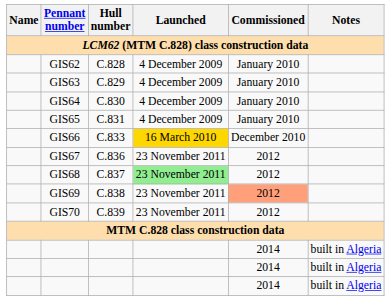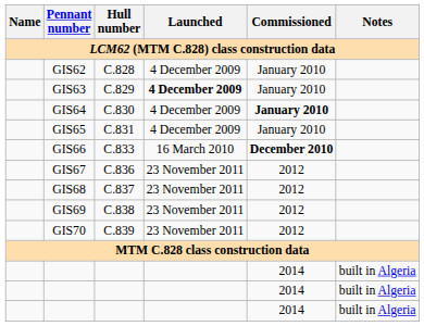 <table border="1" class="sortable wikitable" style="margin:1em auto;">
 <tr>
 <th>Name</th>
 <th><a href='#'>Pennant<br>number</a></th>
 <th>Hull<br>number</th>
 <th>Launched</th>
 <th>Commissioned</th>
 <th>Notes</th>
 </tr>
 <tr>
 <th colspan="11" style="background:#ffdead;"><em>LCM62</em> (MTM C.828) class construction data</th>
 </tr>
 <tr>
 <td></td>
 <td align="center">GIS62</td>
 <td align="center">C.828</td>
 <td align="center">4 December 2009</td>
 <td align="center">January 2010</td>
 <td align="center"></td>
 </tr>
 <tr>
 <td></td>
 <td align="center">GIS63</td>
 <td align="center">C.829</td>
-<td align="center">4 December 2009</td>
+<td align="center"><strong>4 December 2009</strong></td>
 <td align="center">January 2010</td>
 <td align="center"></td>
 </tr>
 <tr>
 <td></td>
 <td align="center">GIS64</td>
 <td align="center">C.830</td>
 <td align="center">4 December 2009</td>
-<td align="center">January 2010</td>
+<td align="center"><strong>January 2010</strong></td>
 <td align="center"></td>
 </tr>
 <tr>
 <td></td>
 <td align="center">GIS65</td>
 <td align="center">C.831</td>
 <td align="center">4 December 2009</td>
 <td align="center">January 2010</td>
 <td align="center"></td>
 </tr>
 <tr>
 <td></td>
 <td align="center">GIS66</td>
 <td align="center">C.833</td>
-<td align="center" style="background: gold;">16 March 2010</td>
-<td align="center">December 2010</td>
+<td align="center">16 March 2010</td>
+<td align="center"><strong>December 2010</strong></td>
 <td align="center"></td>
 </tr>
 <tr>
 <td></td>
 <td align="center">GIS67</td>
 <td align="center">C.836</td>
 <td align="center">23 November 2011</td>
 <td align="center">2012</td>
 <td align="center"></td>
 </tr>
 <tr>
 <td></td>
 <td align="center">GIS68</td>
 <td align="center">C.837</td>
-<td align="center" style="background: lightgreen;">23 November 2011</td>
+<td align="center">23 November 2011</td>
 <td align="center">2012</td>
 <td align="center"></td>
 </tr>
 <tr>
 <td></td>
 <td align="center">GIS69</td>
 <td align="center">C.838</td>
 <td align="center">23 November 2011</td>
-<td align="center" style="background: lightsalmon;">2012</td>
+<td align="center">2012</td>
 <td align="center"></td>
 </tr>
 <tr>
 <td></td>
 <td align="center">GIS70</td>
 <td align="center">C.839</td>
 <td align="center">23 November 2011</td>
 <td align="center">2012</td>
 <td align="center"></td>
 </tr>
 <tr>
 <th colspan="11" style="background:#ffdead;">MTM C.828 class construction data</th>
 </tr>
 <tr>
 <td></td>
 <td align="center"></td>
 <td align="center"></td>
 <td align="center"></td>
 <td align="center">2014</td>
 <td align="center">built in <a href='#'>Algeria</a></td>
 </tr>
 <tr>
 <td></td>
 <td align="center"></td>
 <td align="center"></td>
 <td align="center"></td>
 <td align="center">2014</td>
 <td align="center">built in <a href='#'>Algeria</a></td>
 </tr>
 <tr>
 <td></td>
 <td align="center"></td>
 <td align="center"></td>
 <td align="center"></td>
 <td align="center">2014</td>
 <td align="center">built in <a href='#'>Algeria</a></td>
 </tr>
 </table>
